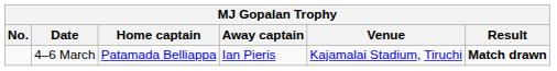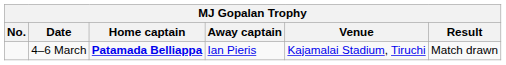 <table class="wikitable">
 <tr>
 <th colspan="9">MJ Gopalan Trophy</th>
 </tr>
 <tr>
 <th>No.</th>
 <th>Date</th>
 <th>Home captain</th>
 <th>Away captain</th>
 <th>Venue</th>
 <th>Result</th>
 </tr>
 <tr>
 <td></td>
 <td>4–6 March</td>
-<td><a href='#'>Patamada Belliappa</a></td>
+<td><strong><a href='#'>Patamada Belliappa</a></strong></td>
 <td><a href='#'>Ian Pieris</a></td>
 <td><a href='#'>Kajamalai Stadium</a>, <a href='#'>Tiruchi</a></td>
-<td><strong>Match drawn</strong></td>
+<td>Match drawn</td>
 </tr>
 </table>
